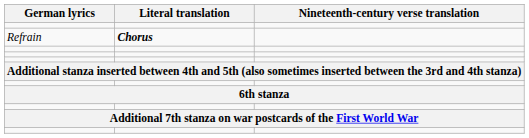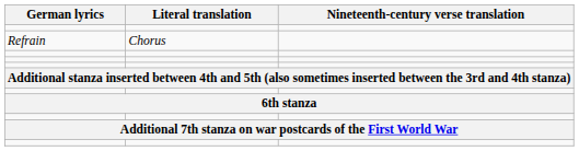 <table class="wikitable">
 <tr>
 <th>German lyrics</th>
 <th>Literal translation</th>
 <th>Nineteenth-century verse translation</th>
 </tr>
 <tr>
 <td></td>
 <td></td>
 <td></td>
 </tr>
 <tr>
 <td><em>Refrain</em><br></td>
-<td><strong><em>Chorus</em></strong></td>
+<td><em>Chorus</em></td>
 <td></td>
 </tr>
 <tr>
 <td></td>
 <td></td>
 <td></td>
 </tr>
 <tr>
 <td></td>
 <td></td>
 <td></td>
 </tr>
 <tr>
 <td></td>
 <td></td>
 <td></td>
 </tr>
 <tr>
 <th colspan="4">Additional stanza inserted between 4th and 5th (also sometimes inserted between the 3rd and 4th stanza)</th>
 </tr>
 <tr>
 <td></td>
 <td></td>
 <td></td>
 </tr>
 <tr>
 <th colspan="4">6th stanza</th>
 </tr>
 <tr>
 <td></td>
 <td></td>
 <td></td>
 </tr>
 <tr>
 <th colspan="4">Additional 7th stanza on war postcards of the <a href='#'>First World War</a></th>
 </tr>
 <tr>
 <td></td>
 <td></td>
 <td></td>
 </tr>
 </table>
